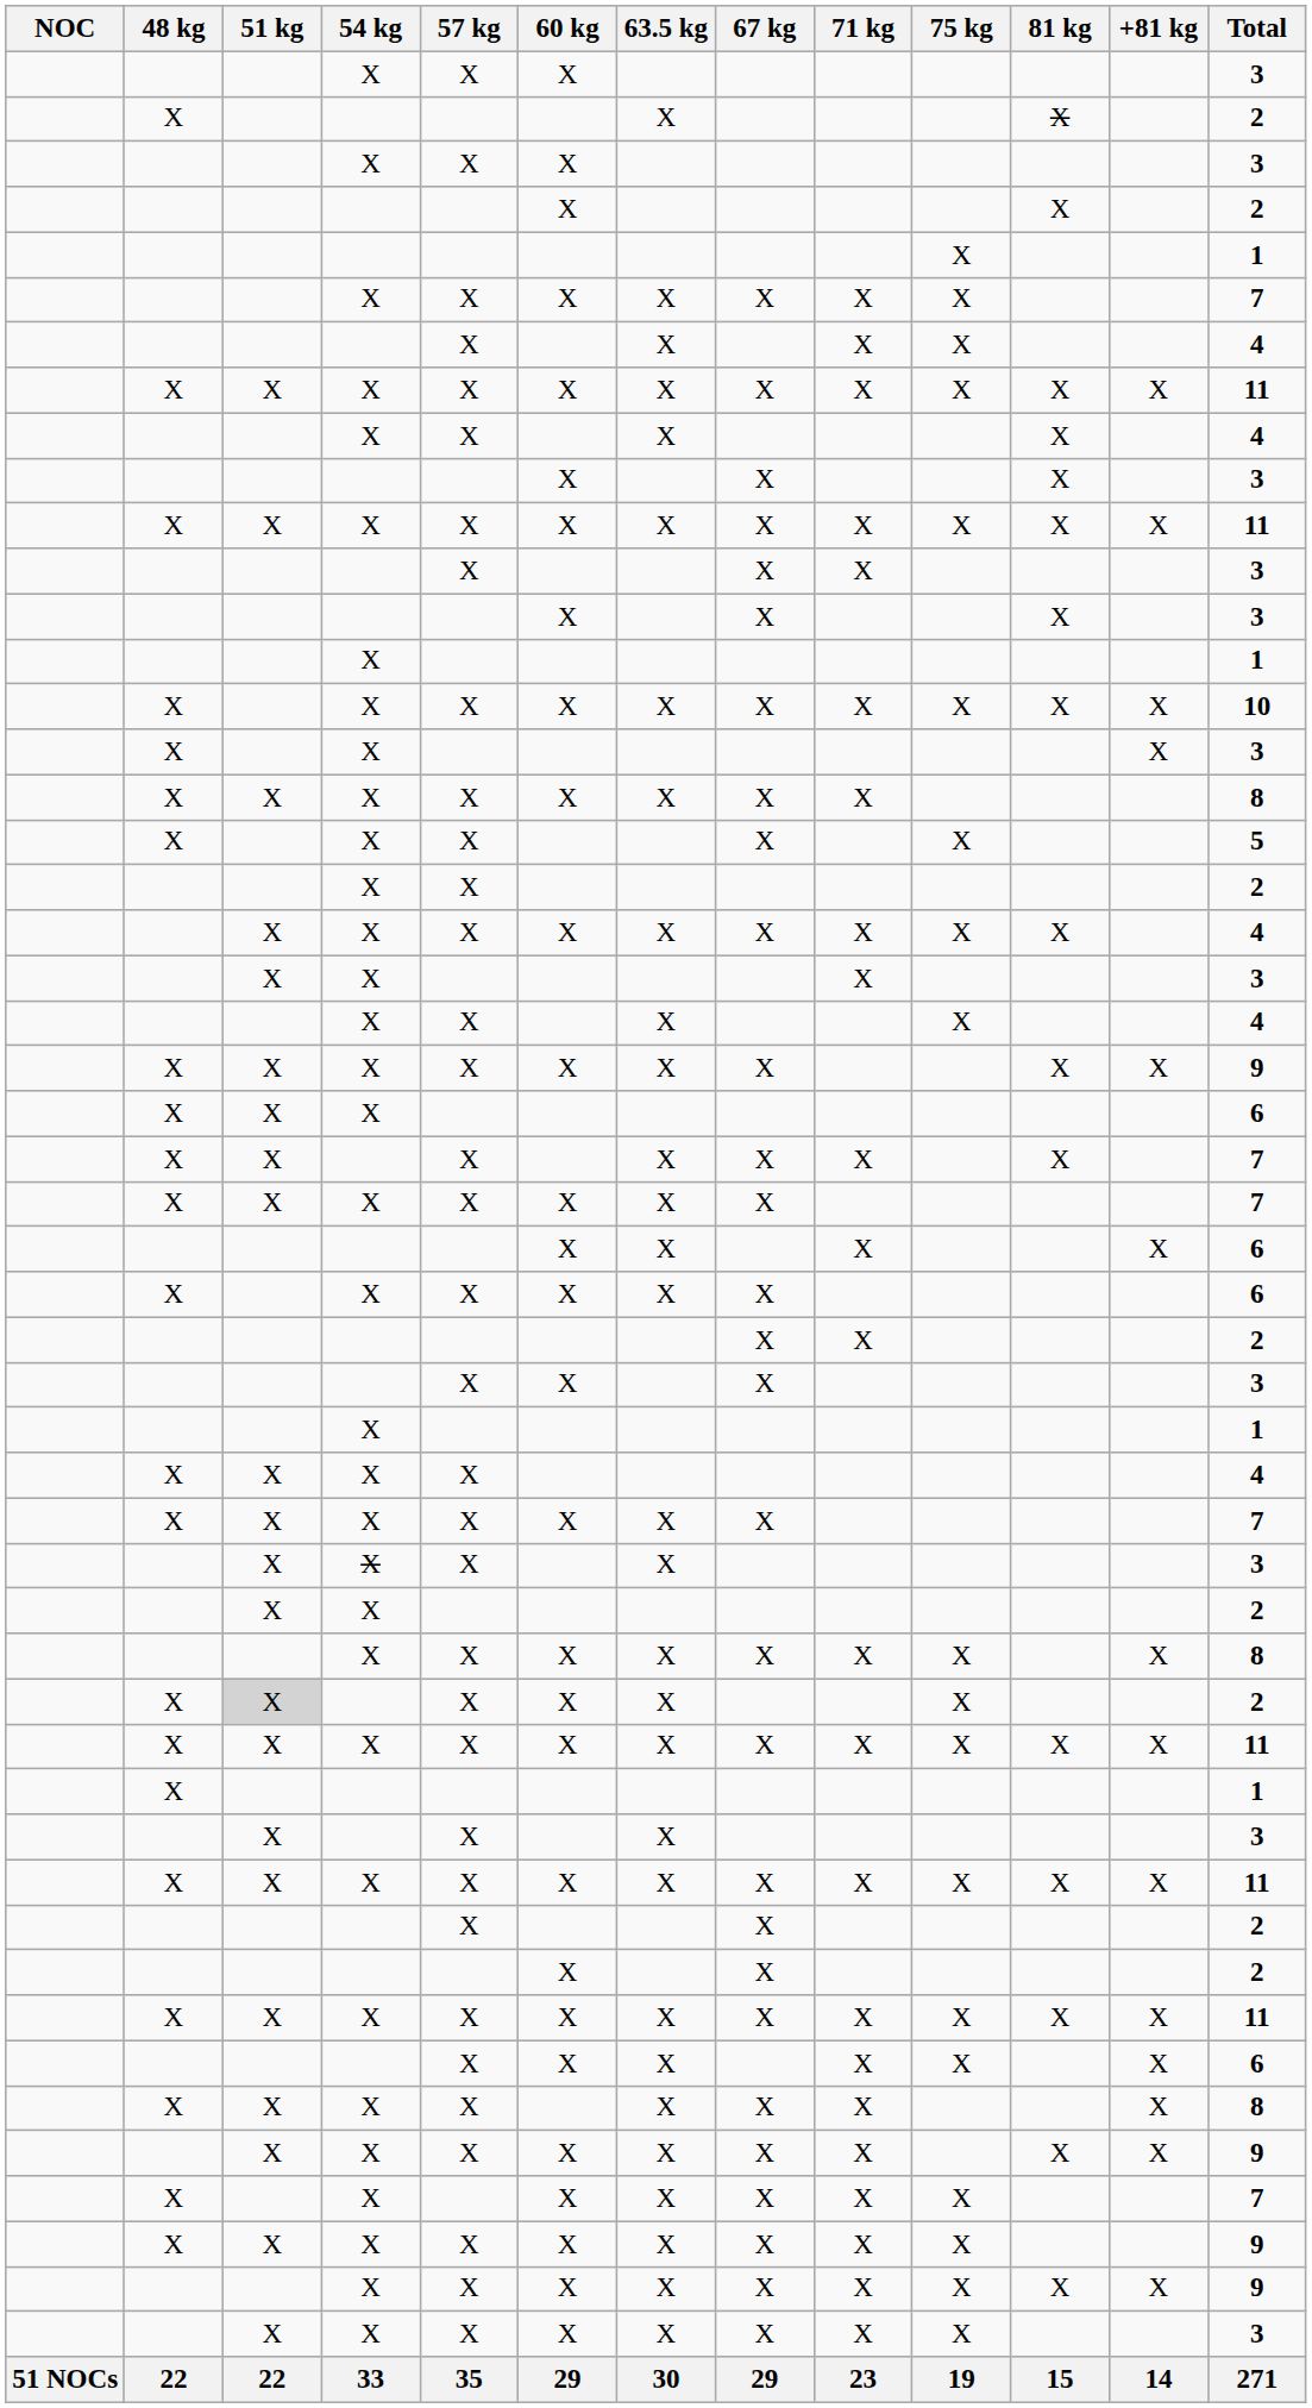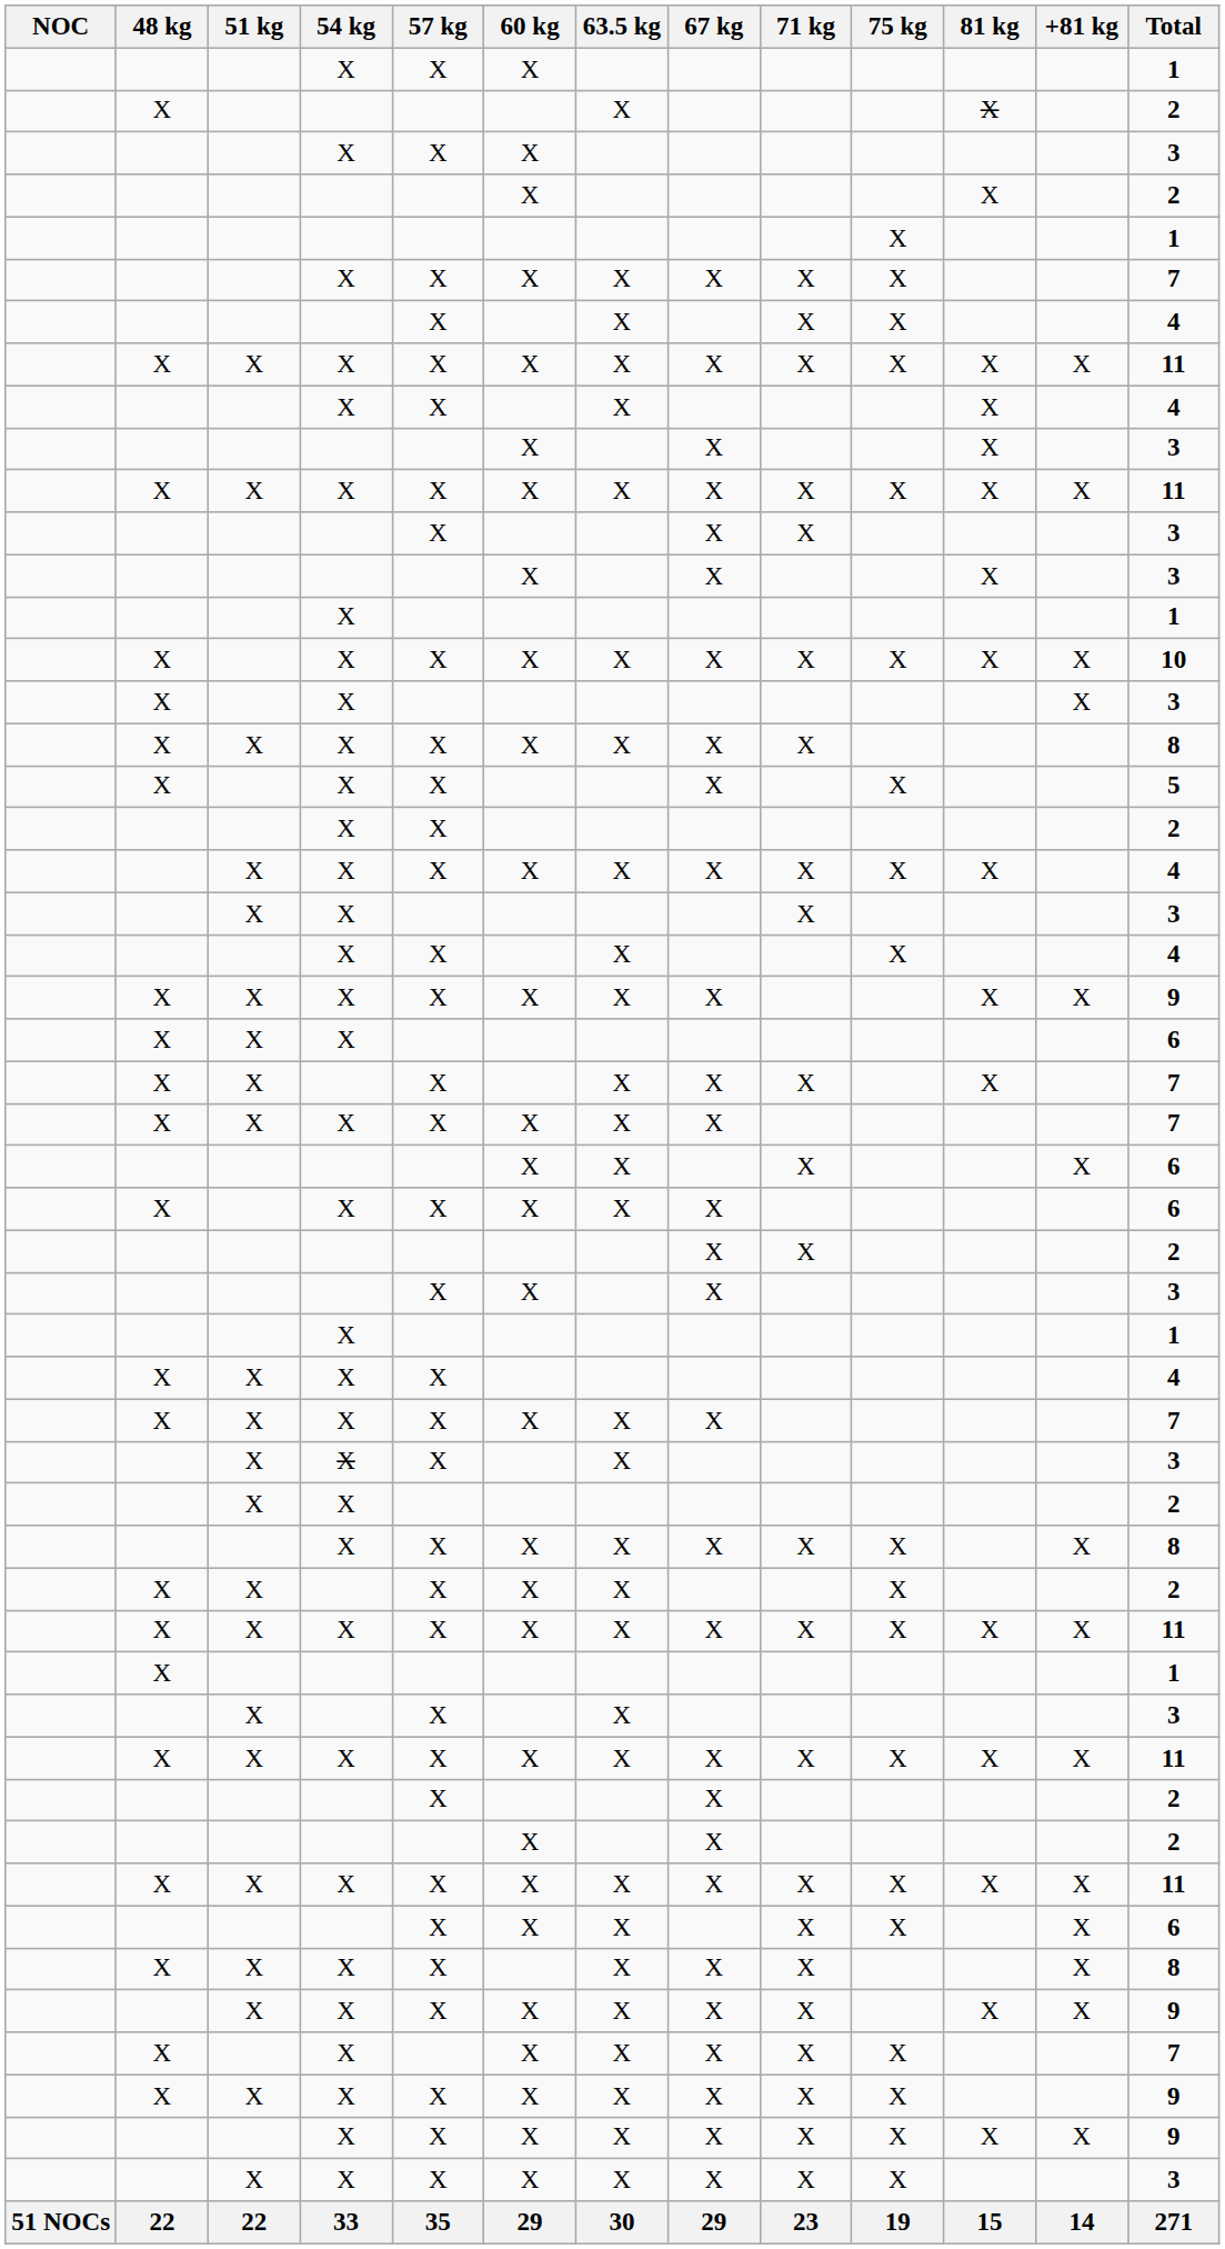 <table class="wikitable" style="text-align:center; font-size:90%">
 <tr>
 <th>NOC</th>
 <th width=45><strong>48 kg</strong></th>
 <th width=45><strong>51 kg</strong></th>
 <th width=45><strong>54 kg</strong></th>
 <th width=45><strong>57 kg</strong></th>
 <th width=45><strong>60 kg</strong></th>
 <th width=45><strong>63.5 kg</strong></th>
 <th width=45><strong>67 kg</strong></th>
 <th width=45><strong>71 kg</strong></th>
 <th width=45><strong>75 kg</strong></th>
 <th width=45><strong>81 kg</strong></th>
 <th width=45><strong>+81 kg</strong></th>
 <th width=45>Total</th>
 </tr>
 <tr>
 <td align=left></td>
 <td></td>
 <td></td>
 <td>X</td>
 <td>X</td>
 <td>X</td>
 <td></td>
 <td></td>
 <td></td>
 <td></td>
 <td></td>
 <td></td>
-<td><strong>3</strong></td>
+<td><strong>1</strong></td>
 </tr>
 <tr>
 <td align=left></td>
 <td>X</td>
 <td></td>
 <td></td>
 <td></td>
 <td></td>
 <td>X</td>
 <td></td>
 <td></td>
 <td></td>
 <td><s>X</s></td>
 <td></td>
 <td><strong>2</strong></td>
 </tr>
 <tr>
 <td align=left></td>
 <td></td>
 <td></td>
 <td>X</td>
 <td>X</td>
 <td>X</td>
 <td></td>
 <td></td>
 <td></td>
 <td></td>
 <td></td>
 <td></td>
 <td><strong>3</strong></td>
 </tr>
 <tr>
 <td align=left></td>
 <td></td>
 <td></td>
 <td></td>
 <td></td>
 <td>X</td>
 <td></td>
 <td></td>
 <td></td>
 <td></td>
 <td>X</td>
 <td></td>
 <td><strong>2</strong></td>
 </tr>
 <tr>
 <td align=left></td>
 <td></td>
 <td></td>
 <td></td>
 <td></td>
 <td></td>
 <td></td>
 <td></td>
 <td></td>
 <td>X</td>
 <td></td>
 <td></td>
 <td><strong>1</strong></td>
 </tr>
 <tr>
 <td align=left></td>
 <td></td>
 <td></td>
 <td>X</td>
 <td>X</td>
 <td>X</td>
 <td>X</td>
 <td>X</td>
 <td>X</td>
 <td>X</td>
 <td></td>
 <td></td>
 <td><strong>7</strong></td>
 </tr>
 <tr>
 <td align=left></td>
 <td></td>
 <td></td>
 <td></td>
 <td>X</td>
 <td></td>
 <td>X</td>
 <td></td>
 <td>X</td>
 <td>X</td>
 <td></td>
 <td></td>
 <td><strong>4</strong></td>
 </tr>
 <tr>
 <td align=left></td>
 <td>X</td>
 <td>X</td>
 <td>X</td>
 <td>X</td>
 <td>X</td>
 <td>X</td>
 <td>X</td>
 <td>X</td>
 <td>X</td>
 <td>X</td>
 <td>X</td>
 <td><strong>11</strong></td>
 </tr>
 <tr>
 <td align=left></td>
 <td></td>
 <td></td>
 <td>X</td>
 <td>X</td>
 <td></td>
 <td>X</td>
 <td></td>
 <td></td>
 <td></td>
 <td>X</td>
 <td></td>
 <td><strong>4</strong></td>
 </tr>
 <tr>
 <td align=left></td>
 <td></td>
 <td></td>
 <td></td>
 <td></td>
 <td>X</td>
 <td></td>
 <td>X</td>
 <td></td>
 <td></td>
 <td>X</td>
 <td></td>
 <td><strong>3</strong></td>
 </tr>
 <tr>
 <td align=left></td>
 <td>X</td>
 <td>X</td>
 <td>X</td>
 <td>X</td>
 <td>X</td>
 <td>X</td>
 <td>X</td>
 <td>X</td>
 <td>X</td>
 <td>X</td>
 <td>X</td>
 <td><strong>11</strong></td>
 </tr>
 <tr>
 <td align=left></td>
 <td></td>
 <td></td>
 <td></td>
 <td>X</td>
 <td></td>
 <td></td>
 <td>X</td>
 <td>X</td>
 <td></td>
 <td></td>
 <td></td>
 <td><strong>3</strong></td>
 </tr>
 <tr>
 <td align=left></td>
 <td></td>
 <td></td>
 <td></td>
 <td></td>
 <td>X</td>
 <td></td>
 <td>X</td>
 <td></td>
 <td></td>
 <td>X</td>
 <td></td>
 <td><strong>3</strong></td>
 </tr>
 <tr>
 <td align=left></td>
 <td></td>
 <td></td>
 <td>X</td>
 <td></td>
 <td></td>
 <td></td>
 <td></td>
 <td></td>
 <td></td>
 <td></td>
 <td></td>
 <td><strong>1</strong></td>
 </tr>
 <tr>
 <td align=left></td>
 <td>X</td>
 <td></td>
 <td>X</td>
 <td>X</td>
 <td>X</td>
 <td>X</td>
 <td>X</td>
 <td>X</td>
 <td>X</td>
 <td>X</td>
 <td>X</td>
 <td><strong>10</strong></td>
 </tr>
 <tr>
 <td align=left></td>
 <td>X</td>
 <td></td>
 <td>X</td>
 <td></td>
 <td></td>
 <td></td>
 <td></td>
 <td></td>
 <td></td>
 <td></td>
 <td>X</td>
 <td><strong>3</strong></td>
 </tr>
 <tr>
 <td align=left></td>
 <td>X</td>
 <td>X</td>
 <td>X</td>
 <td>X</td>
 <td>X</td>
 <td>X</td>
 <td>X</td>
 <td>X</td>
 <td></td>
 <td></td>
 <td></td>
 <td><strong>8</strong></td>
 </tr>
 <tr>
 <td align=left></td>
 <td>X</td>
 <td></td>
 <td>X</td>
 <td>X</td>
 <td></td>
 <td></td>
 <td>X</td>
 <td></td>
 <td>X</td>
 <td></td>
 <td></td>
 <td><strong>5</strong></td>
 </tr>
 <tr>
 <td align=left></td>
 <td></td>
 <td></td>
 <td>X</td>
 <td>X</td>
 <td></td>
 <td></td>
 <td></td>
 <td></td>
 <td></td>
 <td></td>
 <td></td>
 <td><strong>2</strong></td>
 </tr>
 <tr>
 <td align=left></td>
 <td></td>
 <td>X</td>
 <td>X</td>
 <td>X</td>
 <td>X</td>
 <td>X</td>
 <td>X</td>
 <td>X</td>
 <td>X</td>
 <td>X</td>
 <td></td>
 <td><strong>4</strong></td>
 </tr>
 <tr>
 <td align=left></td>
 <td></td>
 <td>X</td>
 <td>X</td>
 <td></td>
 <td></td>
 <td></td>
 <td></td>
 <td>X</td>
 <td></td>
 <td></td>
 <td></td>
 <td><strong>3</strong></td>
 </tr>
 <tr>
 <td align=left></td>
 <td></td>
 <td></td>
 <td>X</td>
 <td>X</td>
 <td></td>
 <td>X</td>
 <td></td>
 <td></td>
 <td>X</td>
 <td></td>
 <td></td>
 <td><strong>4</strong></td>
 </tr>
 <tr>
 <td align=left></td>
 <td>X</td>
 <td>X</td>
 <td>X</td>
 <td>X</td>
 <td>X</td>
 <td>X</td>
 <td>X</td>
 <td></td>
 <td></td>
 <td>X</td>
 <td>X</td>
 <td><strong>9</strong></td>
 </tr>
 <tr>
 <td align=left></td>
 <td>X</td>
 <td>X</td>
 <td>X</td>
 <td></td>
 <td></td>
 <td></td>
 <td></td>
 <td></td>
 <td></td>
 <td></td>
 <td></td>
 <td><strong>6</strong></td>
 </tr>
 <tr>
 <td align=left></td>
 <td>X</td>
 <td>X</td>
 <td></td>
 <td>X</td>
 <td></td>
 <td>X</td>
 <td>X</td>
 <td>X</td>
 <td></td>
 <td>X</td>
 <td></td>
 <td><strong>7</strong></td>
 </tr>
 <tr>
 <td align=left></td>
 <td>X</td>
 <td>X</td>
 <td>X</td>
 <td>X</td>
 <td>X</td>
 <td>X</td>
 <td>X</td>
 <td></td>
 <td></td>
 <td></td>
 <td></td>
 <td><strong>7</strong></td>
 </tr>
 <tr>
 <td align=left></td>
 <td></td>
 <td></td>
 <td></td>
 <td></td>
 <td>X</td>
 <td>X</td>
 <td></td>
 <td>X</td>
 <td></td>
 <td></td>
 <td>X</td>
 <td><strong>6</strong></td>
 </tr>
 <tr>
 <td align=left></td>
 <td>X</td>
 <td></td>
 <td>X</td>
 <td>X</td>
 <td>X</td>
 <td>X</td>
 <td>X</td>
 <td></td>
 <td></td>
 <td></td>
 <td></td>
 <td><strong>6</strong></td>
 </tr>
 <tr>
 <td align=left></td>
 <td></td>
 <td></td>
 <td></td>
 <td></td>
 <td></td>
 <td></td>
 <td>X</td>
 <td>X</td>
 <td></td>
 <td></td>
 <td></td>
 <td><strong>2</strong></td>
 </tr>
 <tr>
 <td align=left></td>
 <td></td>
 <td></td>
 <td></td>
 <td>X</td>
 <td>X</td>
 <td></td>
 <td>X</td>
 <td></td>
 <td></td>
 <td></td>
 <td></td>
 <td><strong>3</strong></td>
 </tr>
 <tr>
 <td align=left></td>
 <td></td>
 <td></td>
 <td>X</td>
 <td></td>
 <td></td>
 <td></td>
 <td></td>
 <td></td>
 <td></td>
 <td></td>
 <td></td>
 <td><strong>1</strong></td>
 </tr>
 <tr>
 <td align=left></td>
 <td>X</td>
 <td>X</td>
 <td>X</td>
 <td>X</td>
 <td></td>
 <td></td>
 <td></td>
 <td></td>
 <td></td>
 <td></td>
 <td></td>
 <td><strong>4</strong></td>
 </tr>
 <tr>
 <td align=left></td>
 <td>X</td>
 <td>X</td>
 <td>X</td>
 <td>X</td>
 <td>X</td>
 <td>X</td>
 <td>X</td>
 <td></td>
 <td></td>
 <td></td>
 <td></td>
 <td><strong>7</strong></td>
 </tr>
 <tr>
 <td align=left></td>
 <td></td>
 <td>X</td>
 <td><s>X</s></td>
 <td>X</td>
 <td></td>
 <td>X</td>
 <td></td>
 <td></td>
 <td></td>
 <td></td>
 <td></td>
 <td><strong>3</strong></td>
 </tr>
 <tr>
 <td align=left></td>
 <td></td>
 <td>X</td>
 <td>X</td>
 <td></td>
 <td></td>
 <td></td>
 <td></td>
 <td></td>
 <td></td>
 <td></td>
 <td></td>
 <td><strong>2</strong></td>
 </tr>
 <tr>
 <td align=left></td>
 <td></td>
 <td></td>
 <td>X</td>
 <td>X</td>
 <td>X</td>
 <td>X</td>
 <td>X</td>
 <td>X</td>
 <td>X</td>
 <td></td>
 <td>X</td>
 <td><strong>8</strong></td>
 </tr>
 <tr>
 <td align=left></td>
 <td>X</td>
-<td style="background: lightgrey;">X</td>
+<td>X</td>
 <td></td>
 <td>X</td>
 <td>X</td>
 <td>X</td>
 <td></td>
 <td></td>
 <td>X</td>
 <td></td>
 <td></td>
 <td><strong>2</strong></td>
 </tr>
 <tr>
 <td align=left></td>
 <td>X</td>
 <td>X</td>
 <td>X</td>
 <td>X</td>
 <td>X</td>
 <td>X</td>
 <td>X</td>
 <td>X</td>
 <td>X</td>
 <td>X</td>
 <td>X</td>
 <td><strong>11</strong></td>
 </tr>
 <tr>
 <td align=left></td>
 <td>X</td>
 <td></td>
 <td></td>
 <td></td>
 <td></td>
 <td></td>
 <td></td>
 <td></td>
 <td></td>
 <td></td>
 <td></td>
 <td><strong>1</strong></td>
 </tr>
 <tr>
 <td align=left></td>
 <td></td>
 <td>X</td>
 <td></td>
 <td>X</td>
 <td></td>
 <td>X</td>
 <td></td>
 <td></td>
 <td></td>
 <td></td>
 <td></td>
 <td><strong>3</strong></td>
 </tr>
 <tr>
 <td align=left></td>
 <td>X</td>
 <td>X</td>
 <td>X</td>
 <td>X</td>
 <td>X</td>
 <td>X</td>
 <td>X</td>
 <td>X</td>
 <td>X</td>
 <td>X</td>
 <td>X</td>
 <td><strong>11</strong></td>
 </tr>
 <tr>
 <td align=left></td>
 <td></td>
 <td></td>
 <td></td>
 <td>X</td>
 <td></td>
 <td></td>
 <td>X</td>
 <td></td>
 <td></td>
 <td></td>
 <td></td>
 <td><strong>2</strong></td>
 </tr>
 <tr>
 <td align=left></td>
 <td></td>
 <td></td>
 <td></td>
 <td></td>
 <td>X</td>
 <td></td>
 <td>X</td>
 <td></td>
 <td></td>
 <td></td>
 <td></td>
 <td><strong>2</strong></td>
 </tr>
 <tr>
 <td align=left></td>
 <td>X</td>
 <td>X</td>
 <td>X</td>
 <td>X</td>
 <td>X</td>
 <td>X</td>
 <td>X</td>
 <td>X</td>
 <td>X</td>
 <td>X</td>
 <td>X</td>
 <td><strong>11</strong></td>
 </tr>
 <tr>
 <td align=left></td>
 <td></td>
 <td></td>
 <td></td>
 <td>X</td>
 <td>X</td>
 <td>X</td>
 <td></td>
 <td>X</td>
 <td>X</td>
 <td></td>
 <td>X</td>
 <td><strong>6</strong></td>
 </tr>
 <tr>
 <td align=left></td>
 <td>X</td>
 <td>X</td>
 <td>X</td>
 <td>X</td>
 <td></td>
 <td>X</td>
 <td>X</td>
 <td>X</td>
 <td></td>
 <td></td>
 <td>X</td>
 <td><strong>8</strong></td>
 </tr>
 <tr>
 <td align=left></td>
 <td></td>
 <td>X</td>
 <td>X</td>
 <td>X</td>
 <td>X</td>
 <td>X</td>
 <td>X</td>
 <td>X</td>
 <td></td>
 <td>X</td>
 <td>X</td>
 <td><strong>9</strong></td>
 </tr>
 <tr>
 <td align=left></td>
 <td>X</td>
 <td></td>
 <td>X</td>
 <td></td>
 <td>X</td>
 <td>X</td>
 <td>X</td>
 <td>X</td>
 <td>X</td>
 <td></td>
 <td></td>
 <td><strong>7</strong></td>
 </tr>
 <tr>
 <td align=left></td>
 <td>X</td>
 <td>X</td>
 <td>X</td>
 <td>X</td>
 <td>X</td>
 <td>X</td>
 <td>X</td>
 <td>X</td>
 <td>X</td>
 <td></td>
 <td></td>
 <td><strong>9</strong></td>
 </tr>
 <tr>
 <td align=left></td>
 <td></td>
 <td></td>
 <td>X</td>
 <td>X</td>
 <td>X</td>
 <td>X</td>
 <td>X</td>
 <td>X</td>
 <td>X</td>
 <td>X</td>
 <td>X</td>
 <td><strong>9</strong></td>
 </tr>
 <tr>
 <td align=left></td>
 <td></td>
 <td>X</td>
 <td>X</td>
 <td>X</td>
 <td>X</td>
 <td>X</td>
 <td>X</td>
 <td>X</td>
 <td>X</td>
 <td></td>
 <td></td>
 <td><strong>3</strong></td>
 </tr>
 <tr>
 <th>51 NOCs</th>
 <th>22</th>
 <th>22</th>
 <th>33</th>
 <th>35</th>
 <th>29</th>
 <th>30</th>
 <th>29</th>
 <th>23</th>
 <th>19</th>
 <th>15</th>
 <th>14</th>
 <th>271</th>
 </tr>
 </table>
